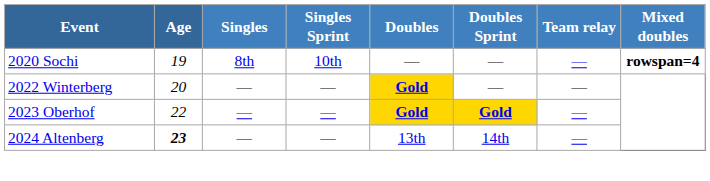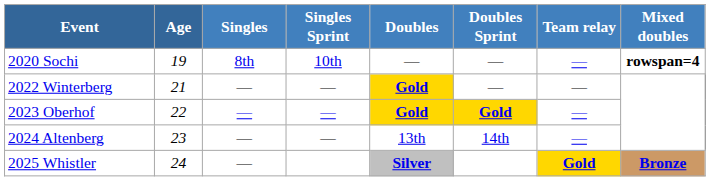 <table class="wikitable" style="font-size:95%; text-align:center; border:grey solid 1px; border-collapse:collapse; background:#ffffff;">
 <tr>
 <th style="background-color:#369; color:white; width:140px;">Event</th>
 <th style="background-color:#369; color:white; width:40px;">Age</th>
 <th style="background-color:#4180be; color:white; width:75px;">Singles</th>
 <th style="background-color:#4180be; color:white; width:75px;">Singles Sprint</th>
 <th style="background-color:#4180be; color:white; width:75px;">Doubles</th>
 <th style="background-color:#4180be; color:white; width:75px;">Doubles Sprint</th>
 <th style="background-color:#4180be; color:white; width:75px;">Team relay</th>
 <th style="background-color:#4180be; color:white; width:75px;">Mixed doubles</th>
 </tr>
 <tr>
 <td align=left> <a href='#'>2020 Sochi</a></td>
 <td><em>19</em></td>
 <td><a href='#'>8th</a></td>
 <td><a href='#'>10th</a></td>
 <td>—</td>
 <td>—</td>
 <td><a href='#'>—</a></td>
 <td><strong>rowspan=4 </strong></td>
 </tr>
 <tr>
 <td align=left> <a href='#'>2022 Winterberg</a></td>
-<td><em>20</em></td>
+<td><em>21</em></td>
 <td>—</td>
 <td>—</td>
 <td style="background:gold;"><a href='#'><strong>Gold</strong></a></td>
 <td>—</td>
 <td>—</td>
 </tr>
 <tr>
 <td align=left> <a href='#'>2023 Oberhof</a></td>
 <td><em>22</em></td>
 <td><a href='#'>—</a></td>
 <td><a href='#'>—</a></td>
 <td style="background:gold;"><a href='#'><strong>Gold</strong></a></td>
 <td style="background:gold;"><a href='#'><strong>Gold</strong></a></td>
 <td><a href='#'>—</a></td>
 </tr>
 <tr>
 <td align=left> <a href='#'>2024 Altenberg</a></td>
-<td><strong><em>23</em></strong></td>
+<td><em>23</em></td>
 <td>—</td>
 <td>—</td>
 <td><a href='#'>13th</a></td>
 <td><a href='#'>14th</a></td>
 <td><a href='#'>—</a></td>
 </tr>
+<tr>
+<td style="text-align:left"> <a href='#'>2025 Whistler</a></td>
+<td><em>24</em></td>
+<td>—</td>
+<td></td>
+<td style="background:silver;"><a href='#'><strong>Silver</strong></a></td>
+<td></td>
+<td style="background:gold;"><a href='#'><strong>Gold</strong></a></td>
+<td style="background:#CC9966"><a href='#'><strong>Bronze</strong></a></td>
+</tr>
 </table>
